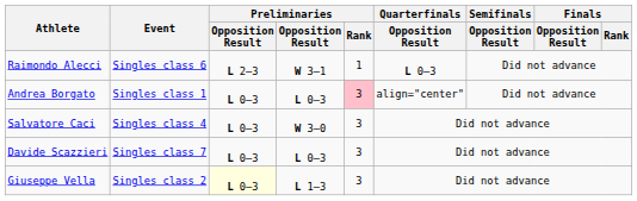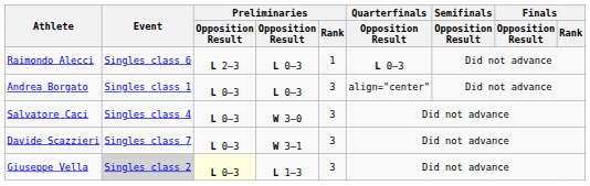 <table class=wikitable>
 <tr>
 <th rowspan="2">Athlete</th>
 <th rowspan="2">Event</th>
 <th colspan="3">Preliminaries</th>
 <th>Quarterfinals</th>
 <th>Semifinals</th>
 <th colspan="2">Finals</th>
 </tr>
 <tr>
 <th>Opposition<br>Result</th>
 <th>Opposition<br>Result</th>
 <th>Rank</th>
 <th>Opposition<br>Result</th>
 <th>Opposition<br>Result</th>
 <th>Opposition<br>Result</th>
 <th>Rank</th>
 </tr>
 <tr>
 <td><a href='#'>Raimondo Alecci</a></td>
 <td><a href='#'>Singles class 6</a></td>
 <td align="center"><br><strong>L</strong> 2–3</td>
-<td align="center"><br><strong>W</strong> 3–1</td>
+<td align="center"><br><strong>L</strong> 0–3</td>
 <td align="center">1</td>
 <td align="center"><br><strong>L</strong> 0–3</td>
 <td align="center" colspan="3">Did not advance</td>
 </tr>
 <tr>
 <td><a href='#'>Andrea Borgato</a></td>
 <td><a href='#'>Singles class 1</a></td>
 <td align="center"><br><strong>L</strong> 0–3</td>
 <td align="center"><br><strong>L</strong> 0–3</td>
-<td align="center" style="background: pink;">3</td>
+<td align="center">3</td>
 <td>align="center" </td>
 <td align="center" colspan="3">Did not advance</td>
 </tr>
 <tr>
 <td><a href='#'>Salvatore Caci</a></td>
 <td><a href='#'>Singles class 4</a></td>
 <td align="center"><br><strong>L</strong> 0–3</td>
 <td align="center"><br><strong>W</strong> 3–0</td>
 <td align="center">3</td>
 <td align="center" colspan="4">Did not advance</td>
 </tr>
 <tr>
 <td><a href='#'>Davide Scazzieri</a></td>
 <td><a href='#'>Singles class 7</a></td>
 <td align="center"><br><strong>L</strong> 0–3</td>
-<td align="center"><br><strong>L</strong> 0–3</td>
+<td align="center"><br><strong>W</strong> 3–1</td>
 <td align="center">3</td>
 <td align="center" colspan="4">Did not advance</td>
 </tr>
 <tr>
 <td><a href='#'>Giuseppe Vella</a></td>
-<td><a href='#'>Singles class 2</a></td>
+<td style="background: lightgrey;"><a href='#'>Singles class 2</a></td>
 <td align="center" style="background: lightyellow;"><br><strong>L</strong> 0–3</td>
 <td align="center"><br><strong>L</strong> 1–3</td>
 <td align="center">3</td>
 <td align="center" colspan="4">Did not advance</td>
 </tr>
 </table>
